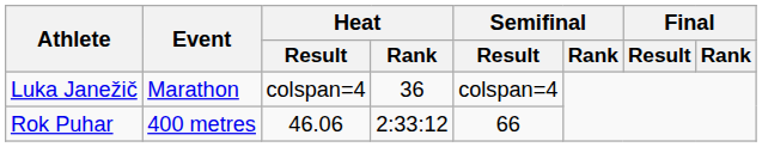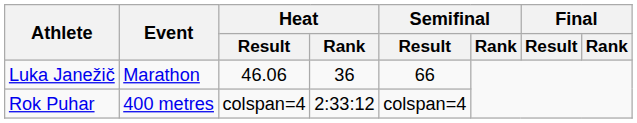 <table class="wikitable" style="font-size:90%">
 <tr>
 <th rowspan="2">Athlete</th>
 <th rowspan="2">Event</th>
 <th colspan="2">Heat</th>
 <th colspan="2">Semifinal</th>
 <th colspan="2">Final</th>
 </tr>
 <tr style="font-size:95%">
 <th>Result</th>
 <th>Rank</th>
 <th>Result</th>
 <th>Rank</th>
 <th>Result</th>
 <th>Rank</th>
 </tr>
 <tr style=text-align:center>
 <td style=text-align:left><a href='#'>Luka Janežič</a></td>
 <td style=text-align:left><a href='#'>Marathon</a></td>
-<td>colspan=4 </td>
+<td>46.06</td>
 <td>36</td>
-<td>colspan=4 </td>
+<td>66</td>
 </tr>
 <tr style=text-align:center>
 <td style=text-align:left><a href='#'>Rok Puhar</a></td>
 <td style=text-align:left><a href='#'>400 metres</a></td>
-<td>46.06</td>
+<td>colspan=4 </td>
 <td>2:33:12</td>
-<td>66</td>
+<td>colspan=4 </td>
 </tr>
 </table>
